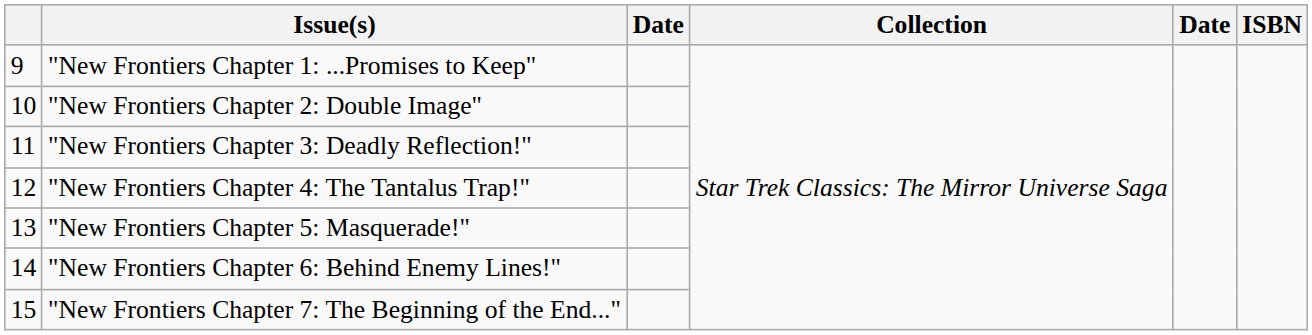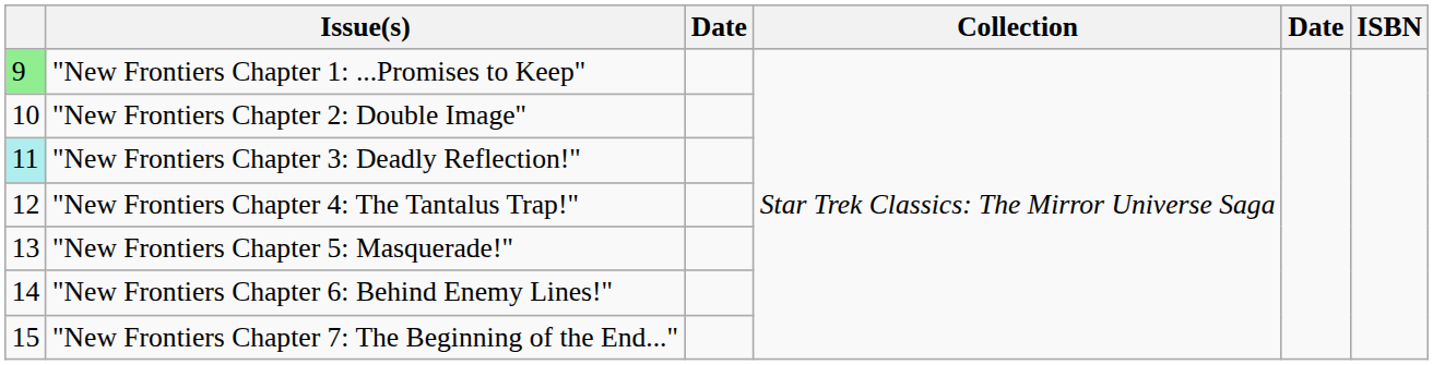 <table class="wikitable">
 <tr>
 <th></th>
 <th>Issue(s)</th>
 <th>Date</th>
 <th>Collection</th>
 <th>Date</th>
 <th>ISBN</th>
 </tr>
 <tr>
-<td>9</td>
+<td style="background: lightgreen;">9</td>
 <td>"New Frontiers Chapter 1: ...Promises to Keep"</td>
 <td></td>
 <td rowspan="7"><em>Star Trek Classics: The Mirror Universe Saga</em></td>
 <td rowspan="7"></td>
 <td rowspan="7"></td>
 </tr>
 <tr>
 <td>10</td>
 <td>"New Frontiers Chapter 2: Double Image"</td>
 <td></td>
 </tr>
 <tr>
-<td>11</td>
+<td style="background: paleturquoise;">11</td>
 <td>"New Frontiers Chapter 3: Deadly Reflection!"</td>
 <td></td>
 </tr>
 <tr>
 <td>12</td>
 <td>"New Frontiers Chapter 4: The Tantalus Trap!"</td>
 <td></td>
 </tr>
 <tr>
 <td>13</td>
 <td>"New Frontiers Chapter 5: Masquerade!"</td>
 <td></td>
 </tr>
 <tr>
 <td>14</td>
 <td>"New Frontiers Chapter 6: Behind Enemy Lines!"</td>
 <td></td>
 </tr>
 <tr>
 <td>15</td>
 <td>"New Frontiers Chapter 7: The Beginning of the End..."</td>
 <td></td>
 </tr>
 </table>
